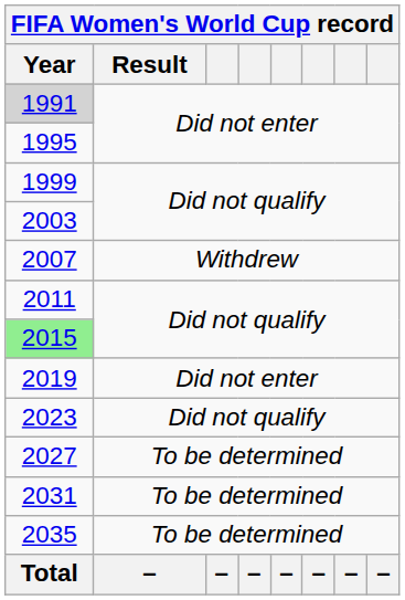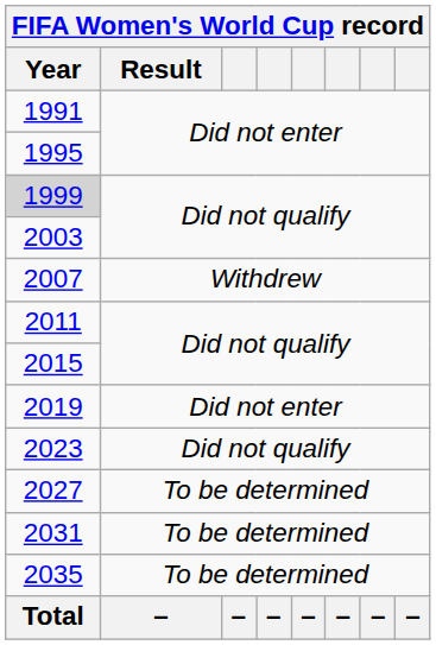 <table class="wikitable" style="text-align: center;">
 <tr>
 <th colspan=9><a href='#'>FIFA Women's World Cup</a> record</th>
 </tr>
 <tr>
 <th>Year</th>
 <th>Result</th>
 <th></th>
 <th></th>
 <th></th>
 <th></th>
 <th></th>
 <th></th>
 </tr>
 <tr>
-<td style="background: lightgrey;"> <a href='#'>1991</a></td>
+<td> <a href='#'>1991</a></td>
 <td colspan=7 rowspan=2><em>Did not enter</em></td>
 </tr>
 <tr>
 <td> <a href='#'>1995</a></td>
 </tr>
 <tr>
-<td> <a href='#'>1999</a></td>
+<td style="background: lightgrey;"> <a href='#'>1999</a></td>
 <td colspan=7 rowspan=2><em>Did not qualify</em></td>
 </tr>
 <tr>
 <td> <a href='#'>2003</a></td>
 </tr>
 <tr>
 <td> <a href='#'>2007</a></td>
 <td colspan=7><em>Withdrew</em></td>
 </tr>
 <tr>
 <td> <a href='#'>2011</a></td>
 <td colspan=7 rowspan=2><em>Did not qualify</em></td>
 </tr>
 <tr>
-<td style="background: lightgreen;"> <a href='#'>2015</a></td>
+<td> <a href='#'>2015</a></td>
 </tr>
 <tr>
 <td> <a href='#'>2019</a></td>
 <td colspan=7><em>Did not enter</em></td>
 </tr>
 <tr>
 <td> <a href='#'>2023</a></td>
 <td colspan=7><em>Did not qualify</em></td>
 </tr>
 <tr>
 <td> <a href='#'>2027</a></td>
 <td colspan=7><em>To be determined</em></td>
 </tr>
 <tr>
 <td> <a href='#'>2031</a></td>
 <td colspan=7><em>To be determined</em></td>
 </tr>
 <tr>
 <td> <a href='#'>2035</a></td>
 <td colspan=7><em>To be determined</em></td>
 </tr>
 <tr>
 <th>Total</th>
 <th>–</th>
 <th>–</th>
 <th>–</th>
 <th>–</th>
 <th>–</th>
 <th>–</th>
 <th>–</th>
 </tr>
 </table>
